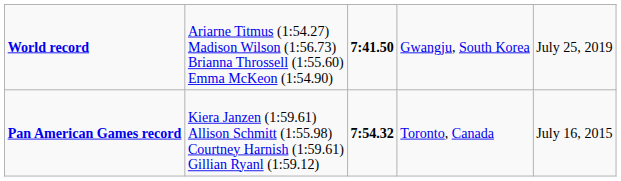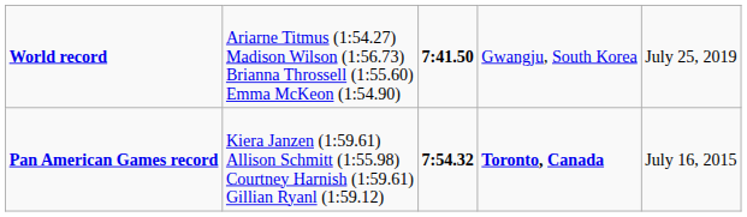 <table class="wikitable">
 <tr>
 <td><strong><a href='#'>World record</a></strong></td>
 <td><br><a href='#'>Ariarne Titmus</a> (1:54.27)<br><a href='#'>Madison Wilson</a> (1:56.73)<br><a href='#'>Brianna Throssell</a> (1:55.60)<br><a href='#'>Emma McKeon</a> (1:54.90)</td>
 <td><strong>7:41.50</strong></td>
 <td><a href='#'>Gwangju</a>, <a href='#'>South Korea</a></td>
 <td>July 25, 2019</td>
 </tr>
 <tr>
 <td><strong><a href='#'>Pan American Games record</a></strong></td>
 <td><br><a href='#'>Kiera Janzen</a> (1:59.61)<br><a href='#'>Allison Schmitt</a> (1:55.98)<br><a href='#'>Courtney Harnish</a> (1:59.61)<br><a href='#'>Gillian Ryanl</a> (1:59.12)</td>
 <td><strong>7:54.32</strong></td>
-<td><a href='#'>Toronto</a>, <a href='#'>Canada</a></td>
+<td><strong><a href='#'>Toronto</a>, <a href='#'>Canada</a></strong></td>
 <td>July 16, 2015</td>
 </tr>
 </table>
